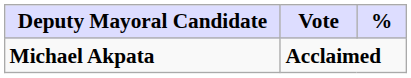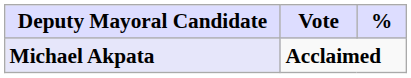 <table class="wikitable">
 <tr>
 <th style="background:#ddf; width:200px;">Deputy Mayoral Candidate</th>
 <th style="background:#ddf; width:50px;">Vote</th>
 <th style="background:#ddf; width:30px;">%</th>
 </tr>
 <tr>
-<td><strong>Michael Akpata</strong></td>
+<td style="background: lavender;"><strong>Michael Akpata</strong></td>
 <td colspan="2"><strong>Acclaimed</strong></td>
 </tr>
 </table>
